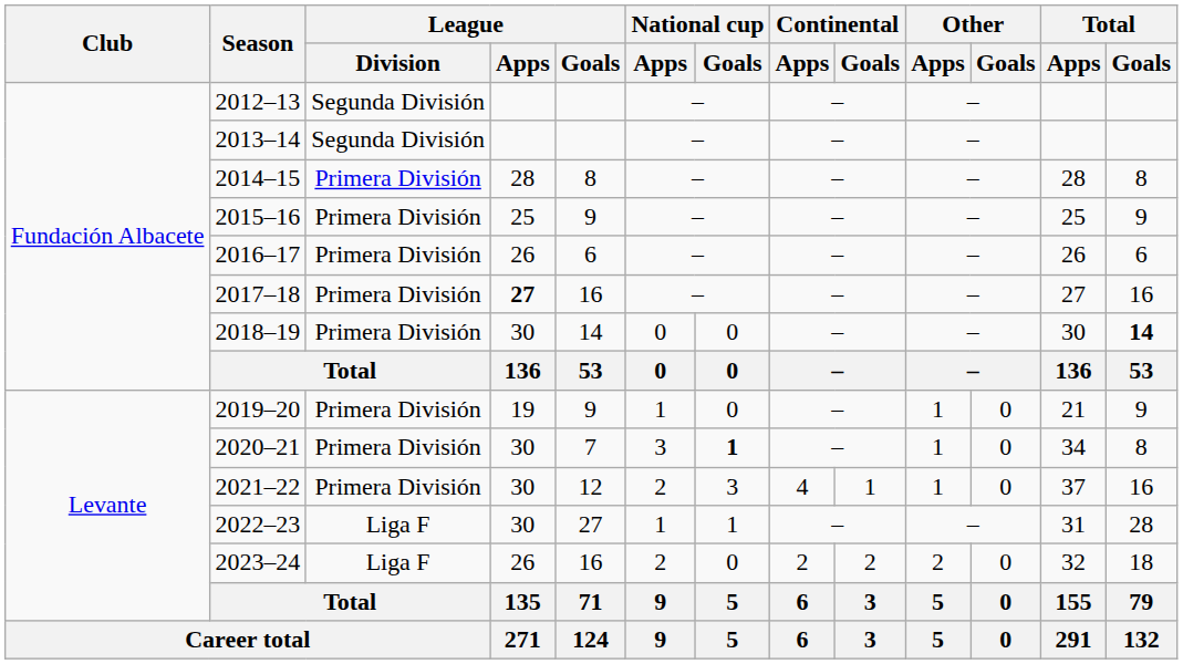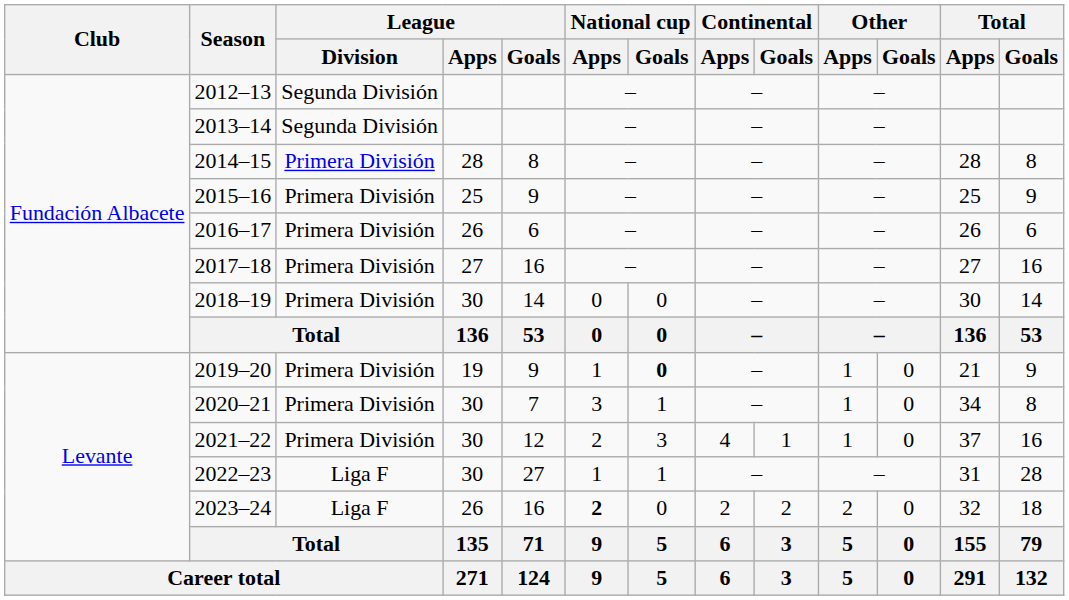 <table class="wikitable" style="text-align:center">
 <tr>
 <th rowspan="2">Club</th>
 <th rowspan="2">Season</th>
 <th colspan="3">League</th>
 <th colspan="2">National cup</th>
 <th colspan="2">Continental</th>
 <th colspan="2">Other</th>
 <th colspan="2">Total</th>
 </tr>
 <tr>
 <th>Division</th>
 <th>Apps</th>
 <th>Goals</th>
 <th>Apps</th>
 <th>Goals</th>
 <th>Apps</th>
 <th>Goals</th>
 <th>Apps</th>
 <th>Goals</th>
 <th>Apps</th>
 <th>Goals</th>
 </tr>
 <tr>
 <td rowspan="8"><a href='#'>Fundación Albacete</a></td>
 <td>2012–13</td>
 <td>Segunda División</td>
 <td></td>
 <td></td>
 <td colspan="2">–</td>
 <td colspan="2">–</td>
 <td colspan="2">–</td>
 <td></td>
 <td></td>
 </tr>
 <tr>
 <td>2013–14</td>
 <td>Segunda División</td>
 <td></td>
 <td></td>
 <td colspan="2">–</td>
 <td colspan="2">–</td>
 <td colspan="2">–</td>
 <td></td>
 <td></td>
 </tr>
 <tr>
 <td>2014–15</td>
 <td><a href='#'>Primera División</a></td>
 <td>28</td>
 <td>8</td>
 <td colspan="2">–</td>
 <td colspan="2">–</td>
 <td colspan="2">–</td>
 <td>28</td>
 <td>8</td>
 </tr>
 <tr>
 <td>2015–16</td>
 <td>Primera División</td>
 <td>25</td>
 <td>9</td>
 <td colspan="2">–</td>
 <td colspan="2">–</td>
 <td colspan="2">–</td>
 <td>25</td>
 <td>9</td>
 </tr>
 <tr>
 <td>2016–17</td>
 <td>Primera División</td>
 <td>26</td>
 <td>6</td>
 <td colspan="2">–</td>
 <td colspan="2">–</td>
 <td colspan="2">–</td>
 <td>26</td>
 <td>6</td>
 </tr>
 <tr>
 <td>2017–18</td>
 <td>Primera División</td>
-<td><strong>27</strong></td>
+<td>27</td>
 <td>16</td>
 <td colspan="2">–</td>
 <td colspan="2">–</td>
 <td colspan="2">–</td>
 <td>27</td>
 <td>16</td>
 </tr>
 <tr>
 <td>2018–19</td>
 <td>Primera División</td>
 <td>30</td>
 <td>14</td>
 <td>0</td>
 <td>0</td>
 <td colspan="2">–</td>
 <td colspan="2">–</td>
 <td>30</td>
-<td><strong>14</strong></td>
+<td>14</td>
 </tr>
 <tr>
 <th colspan="2">Total</th>
 <th>136</th>
 <th>53</th>
 <th>0</th>
 <th>0</th>
 <th colspan="2">–</th>
 <th colspan="2">–</th>
 <th>136</th>
 <th>53</th>
 </tr>
 <tr>
 <td rowspan="6"><a href='#'>Levante</a></td>
 <td>2019–20</td>
 <td>Primera División</td>
 <td>19</td>
 <td>9</td>
 <td>1</td>
-<td>0</td>
+<td><strong>0</strong></td>
 <td colspan="2">–</td>
 <td>1</td>
 <td>0</td>
 <td>21</td>
 <td>9</td>
 </tr>
 <tr>
 <td>2020–21</td>
 <td>Primera División</td>
 <td>30</td>
 <td>7</td>
 <td>3</td>
-<td><strong>1</strong></td>
+<td>1</td>
 <td colspan="2">–</td>
 <td>1</td>
 <td>0</td>
 <td>34</td>
 <td>8</td>
 </tr>
 <tr>
 <td>2021–22</td>
 <td>Primera División</td>
 <td>30</td>
 <td>12</td>
 <td>2</td>
 <td>3</td>
 <td>4</td>
 <td>1</td>
 <td>1</td>
 <td>0</td>
 <td>37</td>
 <td>16</td>
 </tr>
 <tr>
 <td>2022–23</td>
 <td>Liga F</td>
 <td>30</td>
 <td>27</td>
 <td>1</td>
 <td>1</td>
 <td colspan="2">–</td>
 <td colspan="2">–</td>
 <td>31</td>
 <td>28</td>
 </tr>
 <tr>
 <td>2023–24</td>
 <td>Liga F</td>
 <td>26</td>
 <td>16</td>
-<td>2</td>
+<td><strong>2</strong></td>
 <td>0</td>
 <td>2</td>
 <td>2</td>
 <td>2</td>
 <td>0</td>
 <td>32</td>
 <td>18</td>
 </tr>
 <tr>
 <th colspan="2">Total</th>
 <th>135</th>
 <th>71</th>
 <th>9</th>
 <th>5</th>
 <th>6</th>
 <th>3</th>
 <th>5</th>
 <th>0</th>
 <th>155</th>
 <th>79</th>
 </tr>
 <tr>
 <th colspan="3">Career total</th>
 <th>271</th>
 <th>124</th>
 <th>9</th>
 <th>5</th>
 <th>6</th>
 <th>3</th>
 <th>5</th>
 <th>0</th>
 <th>291</th>
 <th>132</th>
 </tr>
 </table>
